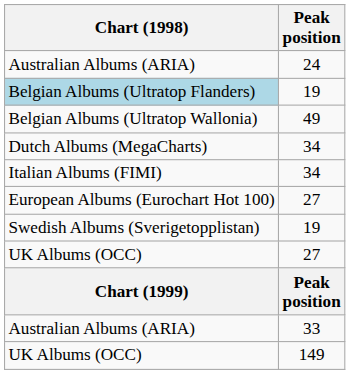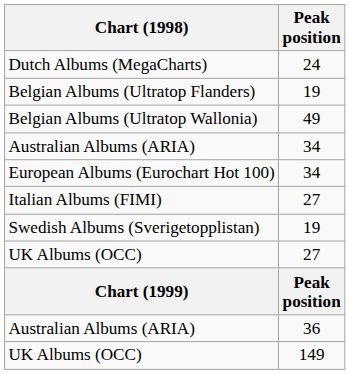 <table class="wikitable">
 <tr>
 <th align="left">Chart (1998)</th>
 <th align="left">Peak<br>position</th>
 </tr>
 <tr>
-<td align="left">Australian Albums (ARIA)</td>
+<td align="left">Dutch Albums (MegaCharts)</td>
 <td style="text-align:center;">24</td>
 </tr>
 <tr>
-<td align="left" style="background: lightblue;">Belgian Albums (Ultratop Flanders)</td>
+<td align="left">Belgian Albums (Ultratop Flanders)</td>
 <td style="text-align:center;">19</td>
 </tr>
 <tr>
 <td align="left">Belgian Albums (Ultratop Wallonia)</td>
 <td style="text-align:center;">49</td>
 </tr>
 <tr>
-<td align="left">Dutch Albums (MegaCharts)</td>
+<td align="left">Australian Albums (ARIA)</td>
+<td style="text-align:center;">34</td>
+</tr>
+<tr>
+<td>European Albums (Eurochart Hot 100)</td>
 <td style="text-align:center;">34</td>
 </tr>
 <tr>
 <td align="left">Italian Albums (FIMI)</td>
-<td style="text-align:center;">34</td>
-</tr>
-<tr>
-<td>European Albums (Eurochart Hot 100)</td>
 <td style="text-align:center;">27</td>
 </tr>
 <tr>
 <td align="left">Swedish Albums (Sverigetopplistan)</td>
 <td align="center">19</td>
 </tr>
 <tr>
 <td align="left">UK Albums (OCC)</td>
 <td style="text-align:center;">27</td>
 </tr>
 <tr>
 <th align="left">Chart (1999)</th>
 <th align="left">Peak<br>position</th>
 </tr>
 <tr>
 <td align="left">Australian Albums (ARIA)</td>
-<td style="text-align:center;">33</td>
+<td style="text-align:center;">36</td>
 </tr>
 <tr>
 <td>UK Albums (OCC)</td>
 <td style="text-align:center;">149</td>
 </tr>
 </table>
